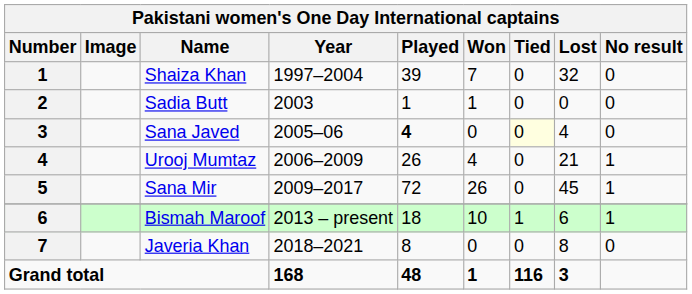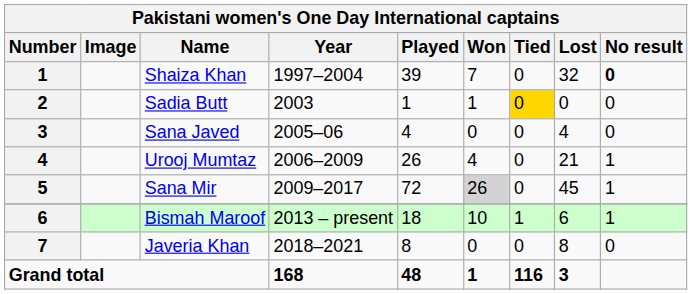 <table class="wikitable">
 <tr>
 <th bgcolor="#efefef" colspan=9>Pakistani women's One Day International captains</th>
 </tr>
 <tr bgcolor="#efefef">
 <th>Number</th>
 <th>Image</th>
 <th>Name</th>
 <th>Year</th>
 <th>Played</th>
 <th>Won</th>
 <th>Tied</th>
 <th>Lost</th>
 <th>No result</th>
 </tr>
 <tr>
 <th>1</th>
 <td></td>
 <td><a href='#'>Shaiza Khan</a></td>
 <td>1997–2004</td>
 <td>39</td>
 <td>7</td>
 <td>0</td>
 <td>32</td>
-<td>0</td>
+<td><strong>0</strong></td>
 </tr>
 <tr>
 <th>2</th>
 <td></td>
 <td><a href='#'>Sadia Butt</a></td>
 <td>2003</td>
 <td>1</td>
 <td>1</td>
-<td>0</td>
+<td style="background: gold;">0</td>
 <td>0</td>
 <td>0</td>
 </tr>
 <tr>
 <th>3</th>
 <td></td>
 <td><a href='#'>Sana Javed</a></td>
 <td>2005–06</td>
-<td><strong>4</strong></td>
+<td>4</td>
 <td>0</td>
-<td style="background: lightyellow;">0</td>
+<td>0</td>
 <td>4</td>
 <td>0</td>
 </tr>
 <tr>
 <th>4</th>
 <td></td>
 <td><a href='#'>Urooj Mumtaz</a></td>
 <td>2006–2009</td>
 <td>26</td>
 <td>4</td>
 <td>0</td>
 <td>21</td>
 <td>1</td>
 </tr>
 <tr>
 <th>5</th>
 <td></td>
 <td><a href='#'>Sana Mir</a></td>
 <td>2009–2017</td>
 <td>72</td>
-<td>26</td>
+<td style="background: lightgrey;">26</td>
 <td>0</td>
 <td>45</td>
 <td>1</td>
 </tr>
 <tr>
 </tr>
 <tr bgcolor=#cfc>
 <th>6</th>
 <td></td>
 <td><a href='#'>Bismah Maroof</a></td>
 <td>2013 – present</td>
 <td>18</td>
 <td>10</td>
 <td>1</td>
 <td>6</td>
 <td>1</td>
 </tr>
 <tr>
 <th>7</th>
 <td></td>
 <td><a href='#'>Javeria Khan</a></td>
 <td>2018–2021</td>
 <td>8</td>
 <td>0</td>
 <td>0</td>
 <td>8</td>
 <td>0</td>
 </tr>
 <tr>
 <td colspan=3><strong>Grand total</strong></td>
 <td><strong>168</strong></td>
 <td><strong>48</strong></td>
 <td><strong>1</strong></td>
 <td><strong>116</strong></td>
 <td><strong>3</strong></td>
 </tr>
 </table>
